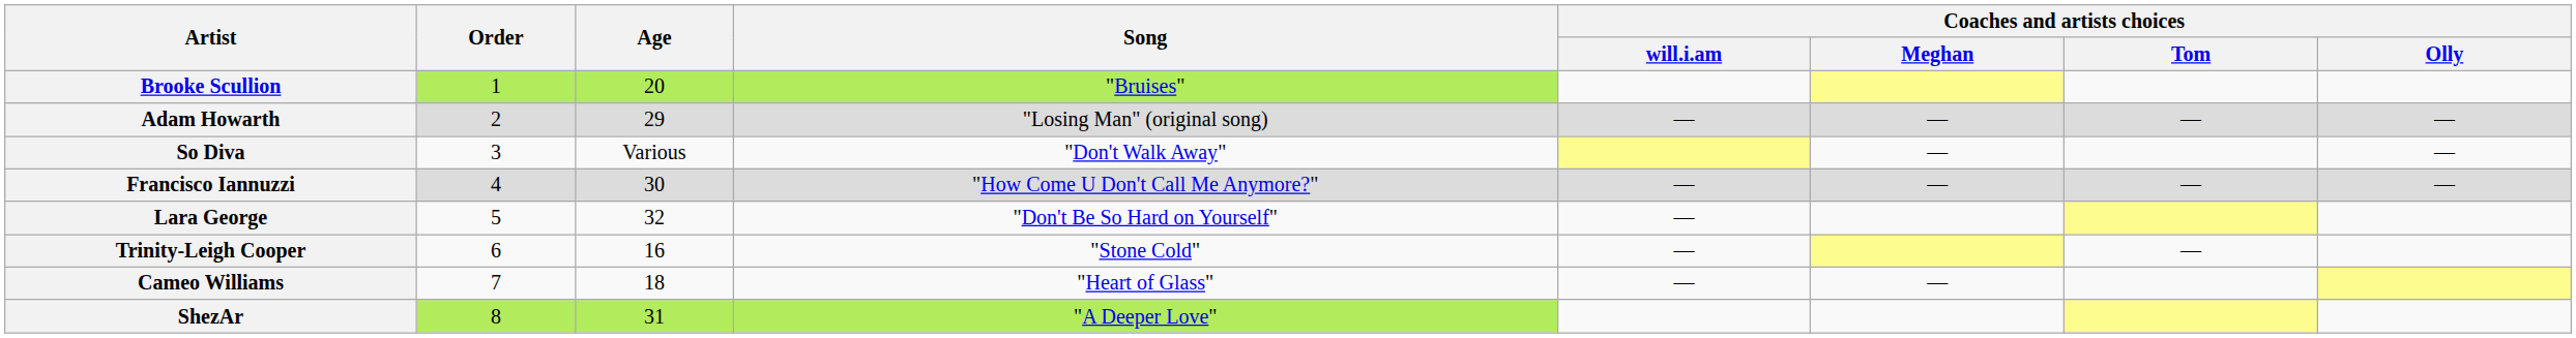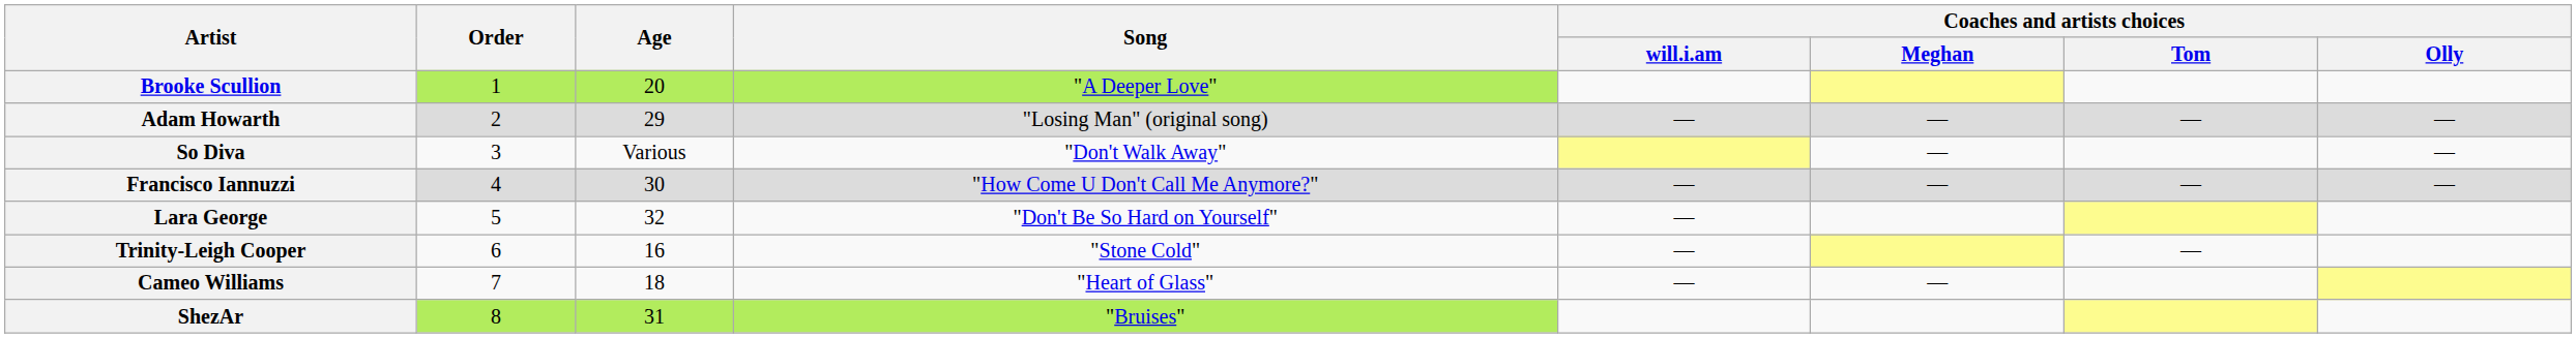 <table class="wikitable" style="text-align:center; width:100%;">
 <tr>
 <th rowspan="2" scope="col" style="width:13%;">Artist</th>
 <th rowspan="2" scope="col" style="width:05%;">Order</th>
 <th rowspan="2" scope="col" style="width:05%;">Age</th>
 <th rowspan="2" scope="col" style="width:26%;">Song</th>
 <th colspan="4" style="width:40%;">Coaches and artists choices</th>
 </tr>
 <tr>
 <th style="width:8%;"><a href='#'>will.i.am</a></th>
 <th style="width:8%;"><a href='#'>Meghan</a></th>
 <th style="width:8%;"><a href='#'>Tom</a></th>
 <th style="width:8%;”"><a href='#'>Olly</a></th>
 </tr>
 <tr>
 <th scope="row"><a href='#'>Brooke Scullion</a></th>
 <td style="background-color:#B2EC5D;">1</td>
 <td style="background-color:#B2EC5D;">20</td>
-<td style="background-color:#B2EC5D;">"<a href='#'>Bruises</a>"</td>
+<td style="background-color:#B2EC5D;">"<a href='#'>A Deeper Love</a>"</td>
 <td><strong></strong></td>
 <td style="background:#fdfc8f;"><strong></strong></td>
 <td><strong></strong></td>
 <td><strong></strong></td>
 </tr>
 <tr style="background:#DCDCDC;">
 <th scope="row">Adam Howarth</th>
 <td>2</td>
 <td>29</td>
 <td>"Losing Man" (original song)</td>
 <td>—</td>
 <td>—</td>
 <td>—</td>
 <td>—</td>
 </tr>
 <tr>
 <th scope="row">So Diva</th>
 <td>3</td>
 <td>Various</td>
 <td>"<a href='#'>Don't Walk Away</a>"</td>
 <td style="background:#fdfc8f;"><strong></strong></td>
 <td>—</td>
 <td><strong></strong></td>
 <td>—</td>
 </tr>
 <tr style="background:#DCDCDC;">
 <th scope="row">Francisco Iannuzzi</th>
 <td>4</td>
 <td>30</td>
 <td>"<a href='#'>How Come U Don't Call Me Anymore?</a>"</td>
 <td>—</td>
 <td>—</td>
 <td>—</td>
 <td>—</td>
 </tr>
 <tr>
 <th scope="row">Lara George</th>
 <td>5</td>
 <td>32</td>
 <td>"<a href='#'>Don't Be So Hard on Yourself</a>"</td>
 <td>—</td>
 <td><strong></strong></td>
 <td style="background:#fdfc8f;"><strong></strong></td>
 <td><strong></strong></td>
 </tr>
 <tr>
 <th scope="row">Trinity-Leigh Cooper</th>
 <td>6</td>
 <td>16</td>
 <td>"<a href='#'>Stone Cold</a>"</td>
 <td>—</td>
 <td style="background:#fdfc8f;"><strong></strong></td>
 <td>—</td>
 <td><strong></strong></td>
 </tr>
 <tr>
 <th scope="row">Cameo Williams</th>
 <td>7</td>
 <td>18</td>
 <td>"<a href='#'>Heart of Glass</a>"</td>
 <td>—</td>
 <td>—</td>
 <td><strong></strong></td>
 <td style="background:#fdfc8f;"><strong></strong></td>
 </tr>
 <tr>
 <th scope="row">ShezAr</th>
 <td style="background-color:#B2EC5D;">8</td>
 <td style="background-color:#B2EC5D;">31</td>
-<td style="background-color:#B2EC5D;">"<a href='#'>A Deeper Love</a>"</td>
+<td style="background-color:#B2EC5D;">"<a href='#'>Bruises</a>"</td>
 <td><strong></strong></td>
 <td><strong></strong></td>
 <td style="background:#fdfc8f;"><strong></strong></td>
 <td><strong></strong></td>
 </tr>
 </table>
